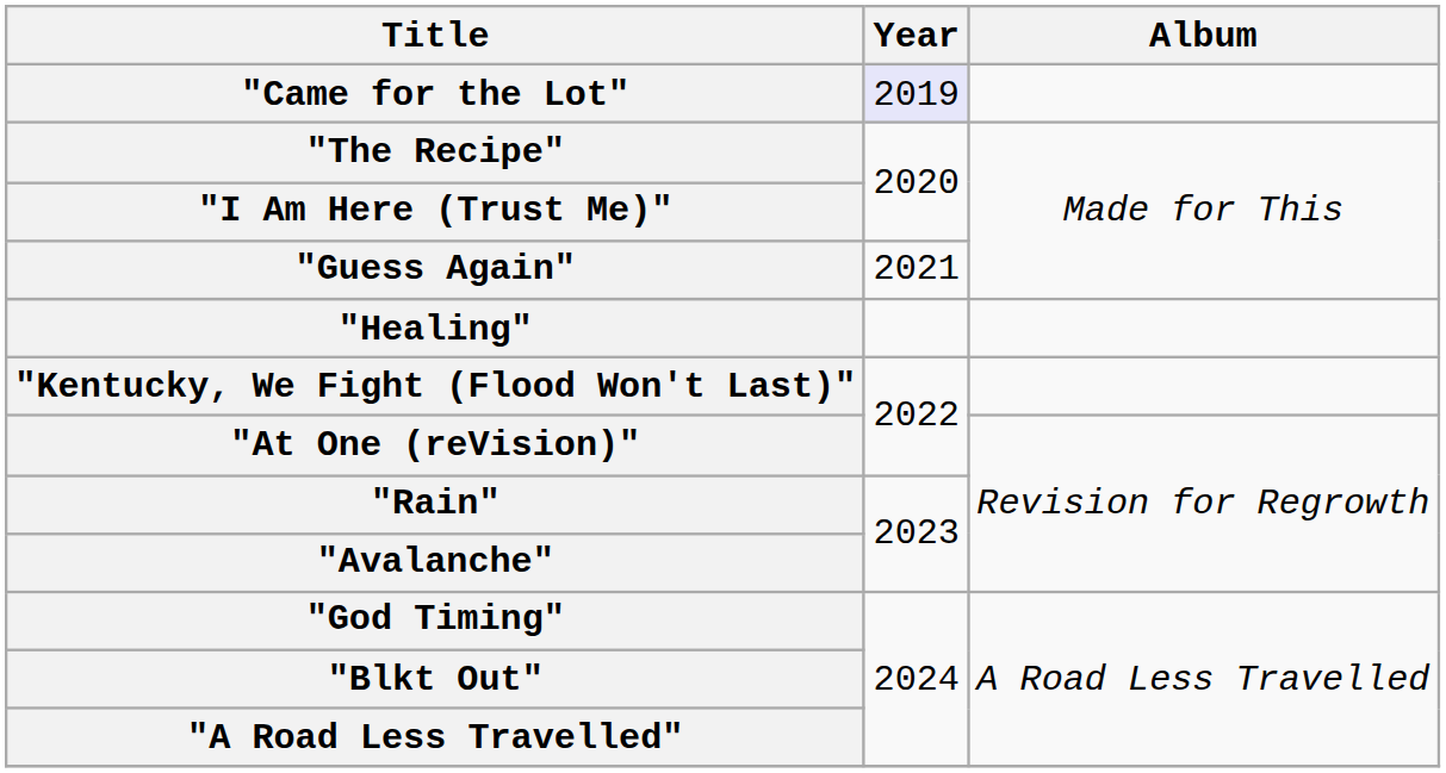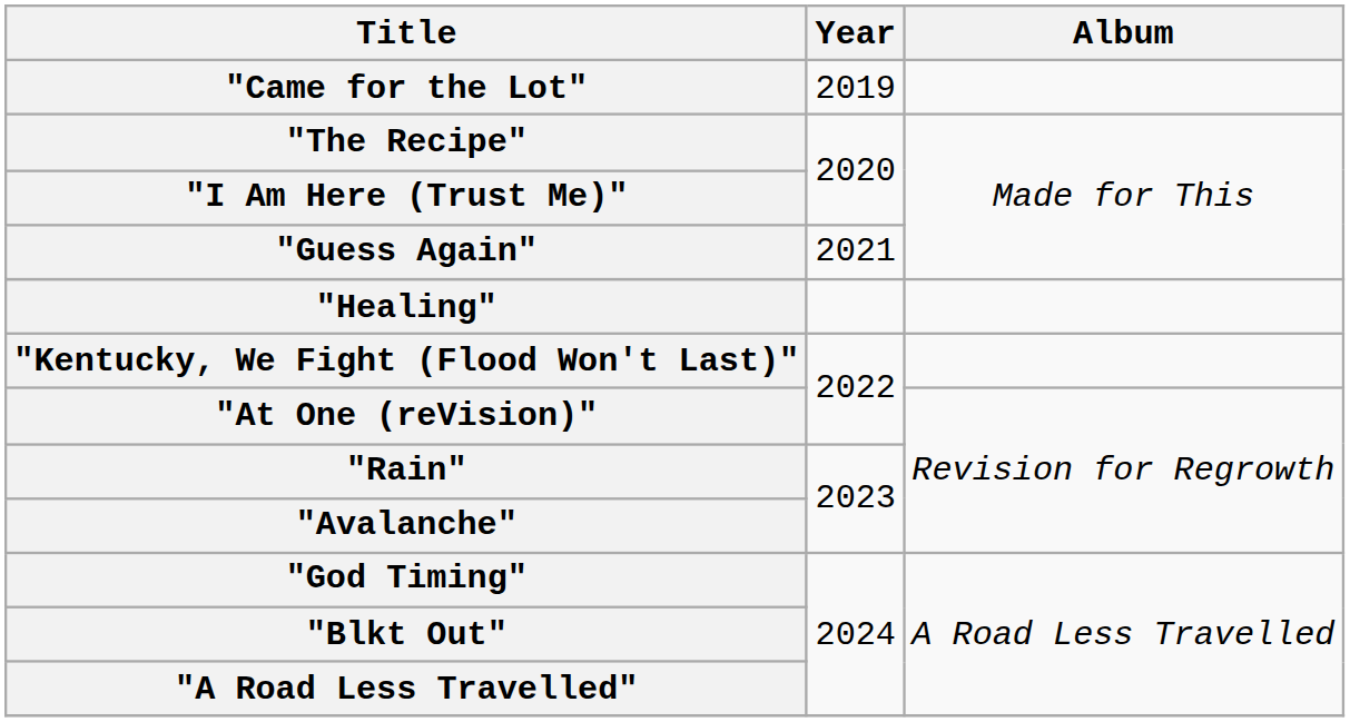 <table class="wikitable plainrowheaders" style="text-align:center;">
 <tr>
 <th>Title</th>
 <th>Year</th>
 <th>Album</th>
 </tr>
 <tr>
 <th scope="row">"Came for the Lot"<br></th>
-<td style="background: lavender;">2019</td>
+<td>2019</td>
 <td></td>
 </tr>
 <tr>
 <th scope="row">"The Recipe"</th>
 <td rowspan="2">2020</td>
 <td rowspan="3"><em>Made for This</em></td>
 </tr>
 <tr>
 <th scope="row">"I Am Here (Trust Me)"<br></th>
 </tr>
 <tr>
 <th scope="row">"Guess Again"<br></th>
 <td rowspan="2">2021</td>
 </tr>
 <tr>
 </tr>
 <tr>
 <th scope="row">"Healing"<br></th>
 <td></td>
 </tr>
 <tr>
 <th scope="row">"Kentucky, We Fight (Flood Won't Last)"<br></th>
 <td rowspan="2">2022</td>
 <td></td>
 </tr>
 <tr>
 <th scope="row">"At One (reVision)"</th>
 <td rowspan="3"><em>Revision for Regrowth</em></td>
 </tr>
 <tr>
 <th scope="row">"Rain"<br></th>
 <td rowspan="2">2023</td>
 </tr>
 <tr>
 <th scope="row">"Avalanche"<br></th>
 </tr>
 <tr>
 <th scope="row">"God Timing"</th>
 <td rowspan="3">2024</td>
 <td rowspan="3"><em>A Road Less Travelled</em></td>
 </tr>
 <tr>
 <th scope="row">"Blkt Out"<br></th>
 </tr>
 <tr>
 <th scope="row">"A Road Less Travelled"</th>
 </tr>
 <tr>
 </tr>
 </table>
